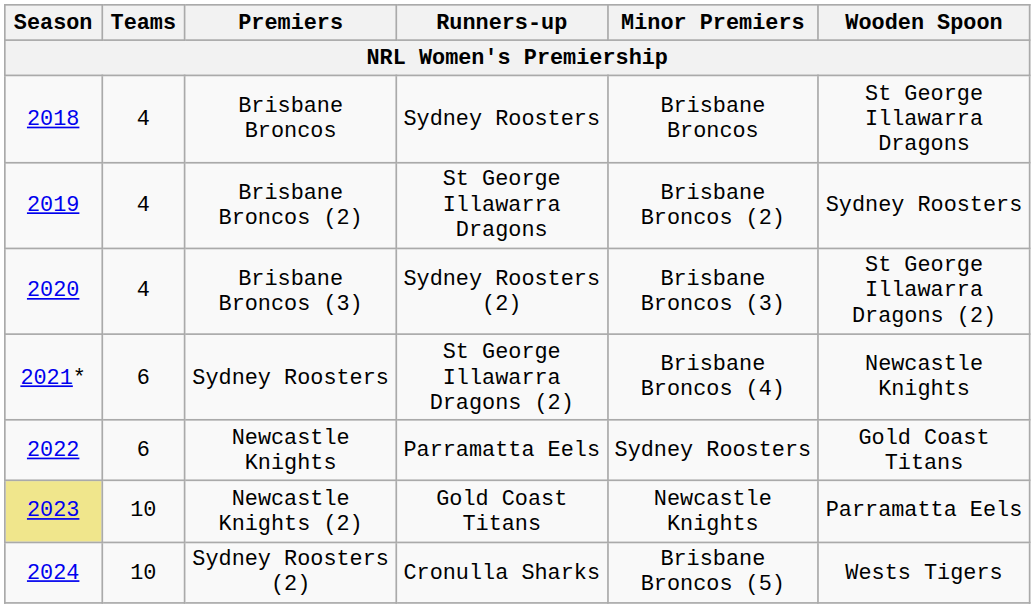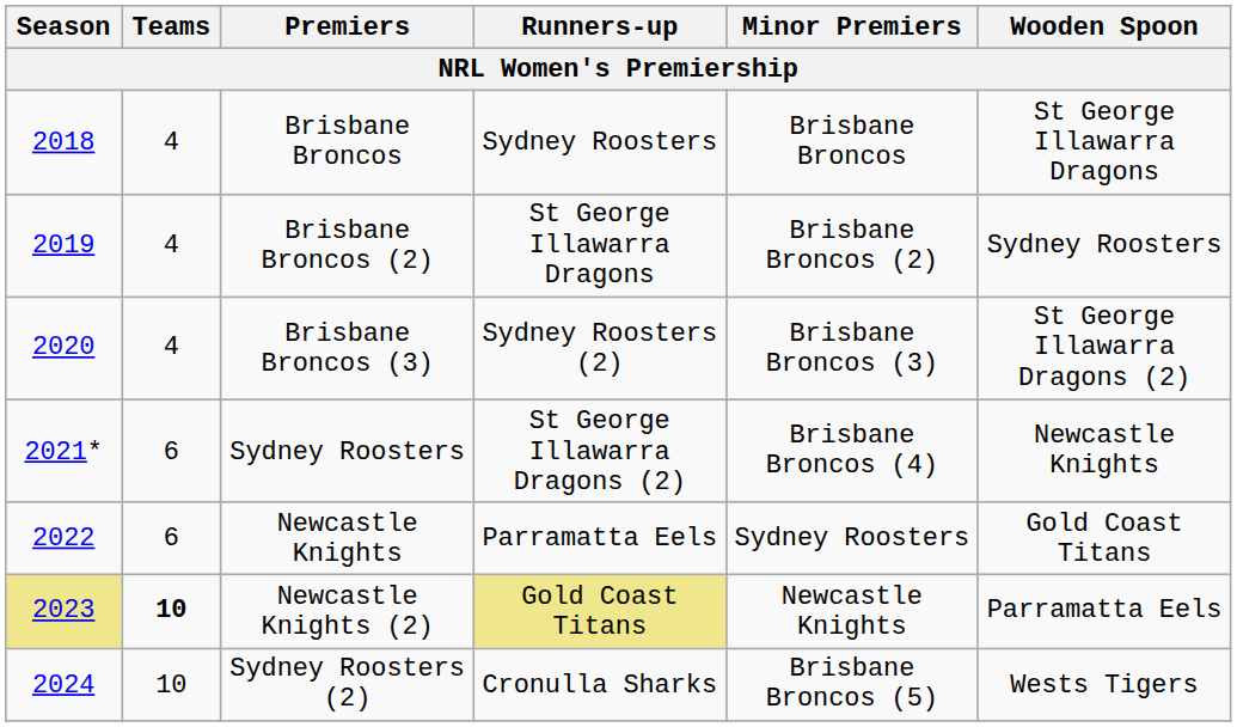 <table class="wikitable sortable" style="text-align:center;">
 <tr>
 <th width="2%">Season</th>
 <th width="2%">Teams</th>
 <th width="15%">Premiers</th>
 <th width="15%">Runners-up</th>
 <th width="15%">Minor Premiers</th>
 <th width="15%">Wooden Spoon</th>
 </tr>
 <tr>
 <th colspan="6">NRL Women's Premiership</th>
 </tr>
 <tr>
 <td><a href='#'>2018</a></td>
 <td>4</td>
 <td> Brisbane Broncos</td>
 <td> Sydney Roosters</td>
 <td> Brisbane Broncos</td>
 <td> St George Illawarra Dragons</td>
 </tr>
 <tr>
 <td><a href='#'>2019</a></td>
 <td>4</td>
 <td> Brisbane Broncos (2)</td>
 <td> St George Illawarra Dragons</td>
 <td> Brisbane Broncos (2)</td>
 <td> Sydney Roosters</td>
 </tr>
 <tr>
 <td><a href='#'>2020</a></td>
 <td>4</td>
 <td> Brisbane Broncos (3)</td>
 <td> Sydney Roosters (2)</td>
 <td> Brisbane Broncos (3)</td>
 <td> St George Illawarra Dragons (2)</td>
 </tr>
 <tr>
 <td><a href='#'>2021</a>*</td>
 <td>6</td>
 <td> Sydney Roosters</td>
 <td> St George Illawarra Dragons (2)</td>
 <td> Brisbane Broncos (4)</td>
 <td> Newcastle Knights</td>
 </tr>
 <tr>
 <td><a href='#'>2022</a></td>
 <td>6</td>
 <td> Newcastle Knights</td>
 <td> Parramatta Eels</td>
 <td> Sydney Roosters</td>
 <td> Gold Coast Titans</td>
 </tr>
 <tr>
 <td style="background: khaki;"><a href='#'>2023</a></td>
-<td>10</td>
+<td><strong>10</strong></td>
 <td> Newcastle Knights (2)</td>
-<td> Gold Coast Titans</td>
+<td style="background: khaki;"> Gold Coast Titans</td>
 <td> Newcastle Knights</td>
 <td> Parramatta Eels</td>
 </tr>
 <tr>
 <td><a href='#'>2024</a></td>
 <td>10</td>
 <td> Sydney Roosters (2)</td>
 <td> Cronulla Sharks</td>
 <td> Brisbane Broncos (5)</td>
 <td> Wests Tigers</td>
 </tr>
 </table>
